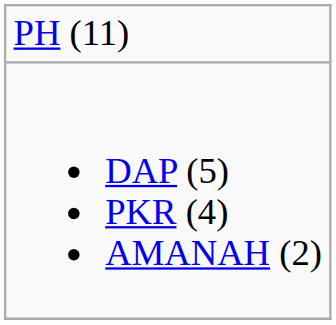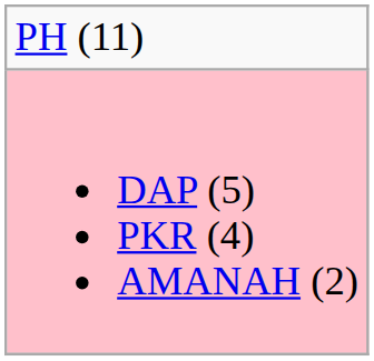 <table class="wikitable">
 <tr>
 <td> <a href='#'>PH</a> (11)</td>
 </tr>
 <tr>
-<td><br><ul><li> <a href='#'>DAP</a> (5)</li><li> <a href='#'>PKR</a> (4)</li><li> <a href='#'>AMANAH</a> (2)</li></ul></td>
+<td style="background: pink;"><br><ul><li> <a href='#'>DAP</a> (5)</li><li> <a href='#'>PKR</a> (4)</li><li> <a href='#'>AMANAH</a> (2)</li></ul></td>
 </tr>
 <tr>
 </tr>
 </table>
